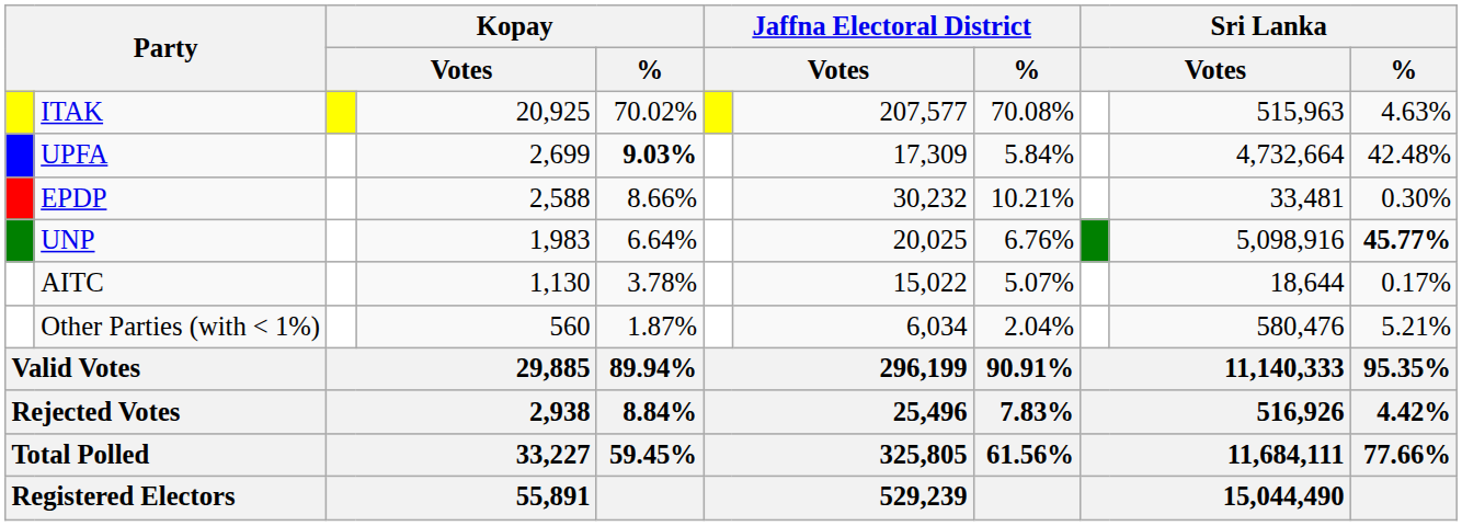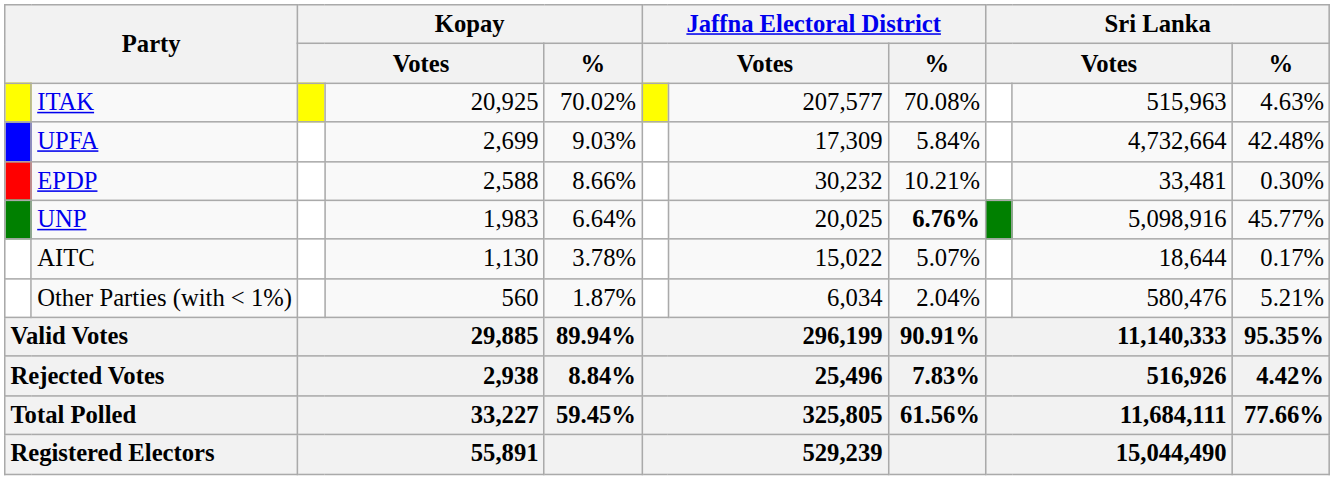 <table class="wikitable">
 <tr>
 <th colspan="2" width="144px"rowspan="2">Party</th>
 <th colspan="3" width="216px">Kopay</th>
 <th colspan="3" width="216px"><a href='#'>Jaffna Electoral District</a></th>
 <th colspan="3" width="216px">Sri Lanka</th>
 </tr>
 <tr>
 <th colspan="2" width="144px">Votes</th>
 <th>%</th>
 <th colspan="2" width="144px">Votes</th>
 <th>%</th>
 <th colspan="2" width="144px">Votes</th>
 <th>%</th>
 </tr>
 <tr>
 <td style="background-color:yellow;" width="10px"></td>
 <td style="text-align:left;"><a href='#'>ITAK</a></td>
 <td style="background-color:yellow;" width="10px"></td>
 <td style="text-align:right;">20,925</td>
 <td style="text-align:right;">70.02%</td>
 <td style="background-color:yellow;" width="10px"></td>
 <td style="text-align:right;">207,577</td>
 <td style="text-align:right;">70.08%</td>
 <td style="background-color:white;" width="10px"></td>
 <td style="text-align:right;">515,963</td>
 <td style="text-align:right;">4.63%</td>
 </tr>
 <tr>
 <td style="background-color:blue;" width="10px"></td>
 <td style="text-align:left;"><a href='#'>UPFA</a></td>
 <td style="background-color:white;" width="10px"></td>
 <td style="text-align:right;">2,699</td>
-<td style="text-align:right;"><strong>9.03%</strong></td>
+<td style="text-align:right;">9.03%</td>
 <td style="background-color:white;" width="10px"></td>
 <td style="text-align:right;">17,309</td>
 <td style="text-align:right;">5.84%</td>
 <td style="background-color:white;" width="10px"></td>
 <td style="text-align:right;">4,732,664</td>
 <td style="text-align:right;">42.48%</td>
 </tr>
 <tr>
 <td style="background-color:red;" width="10px"></td>
 <td style="text-align:left;"><a href='#'>EPDP</a></td>
 <td style="background-color:white;" width="10px"></td>
 <td style="text-align:right;">2,588</td>
 <td style="text-align:right;">8.66%</td>
 <td style="background-color:white;" width="10px"></td>
 <td style="text-align:right;">30,232</td>
 <td style="text-align:right;">10.21%</td>
 <td style="background-color:white;" width="10px"></td>
 <td style="text-align:right;">33,481</td>
 <td style="text-align:right;">0.30%</td>
 </tr>
 <tr>
 <td style="background-color:green;" width="10px"></td>
 <td style="text-align:left;"><a href='#'>UNP</a></td>
 <td style="background-color:white;" width="10px"></td>
 <td style="text-align:right;">1,983</td>
 <td style="text-align:right;">6.64%</td>
 <td style="background-color:white;" width="10px"></td>
 <td style="text-align:right;">20,025</td>
-<td style="text-align:right;">6.76%</td>
+<td style="text-align:right;"><strong>6.76%</strong></td>
 <td style="background-color:green;" width="10px"></td>
 <td style="text-align:right;">5,098,916</td>
-<td style="text-align:right;"><strong>45.77%</strong></td>
+<td style="text-align:right;">45.77%</td>
 </tr>
 <tr>
 <td style="background-color:white;" width="10px"></td>
 <td style="text-align:left;">AITC</td>
 <td style="background-color:white;" width="10px"></td>
 <td style="text-align:right;">1,130</td>
 <td style="text-align:right;">3.78%</td>
 <td style="background-color:white;" width="10px"></td>
 <td style="text-align:right;">15,022</td>
 <td style="text-align:right;">5.07%</td>
 <td style="background-color:white;" width="10px"></td>
 <td style="text-align:right;">18,644</td>
 <td style="text-align:right;">0.17%</td>
 </tr>
 <tr>
 <td style="background-color:white;" width="10px"></td>
 <td style="text-align:left;">Other Parties (with < 1%)</td>
 <td style="background-color:white;" width="10px"></td>
 <td style="text-align:right;">560</td>
 <td style="text-align:right;">1.87%</td>
 <td style="background-color:white;" width="10px"></td>
 <td style="text-align:right;">6,034</td>
 <td style="text-align:right;">2.04%</td>
 <td style="background-color:white;" width="10px"></td>
 <td style="text-align:right;">580,476</td>
 <td style="text-align:right;">5.21%</td>
 </tr>
 <tr>
 <th colspan="2" width="144px"style="text-align:left;">Valid Votes</th>
 <th style="text-align:right;"colspan="2" width="144px">29,885</th>
 <th style="text-align:right;">89.94%</th>
 <th style="text-align:right;"colspan="2" width="144px">296,199</th>
 <th style="text-align:right;">90.91%</th>
 <th style="text-align:right;"colspan="2" width="144px">11,140,333</th>
 <th style="text-align:right;">95.35%</th>
 </tr>
 <tr>
 <th colspan="2" width="144px"style="text-align:left;">Rejected Votes</th>
 <th style="text-align:right;"colspan="2" width="144px">2,938</th>
 <th style="text-align:right;">8.84%</th>
 <th style="text-align:right;"colspan="2" width="144px">25,496</th>
 <th style="text-align:right;">7.83%</th>
 <th style="text-align:right;"colspan="2" width="144px">516,926</th>
 <th style="text-align:right;">4.42%</th>
 </tr>
 <tr>
 <th colspan="2" width="144px"style="text-align:left;">Total Polled</th>
 <th style="text-align:right;"colspan="2" width="144px">33,227</th>
 <th style="text-align:right;">59.45%</th>
 <th style="text-align:right;"colspan="2" width="144px">325,805</th>
 <th style="text-align:right;">61.56%</th>
 <th style="text-align:right;"colspan="2" width="144px">11,684,111</th>
 <th style="text-align:right;">77.66%</th>
 </tr>
 <tr>
 <th colspan="2" width="144px"style="text-align:left;">Registered Electors</th>
 <th style="text-align:right;"colspan="2" width="144px">55,891</th>
 <th></th>
 <th style="text-align:right;"colspan="2" width="144px">529,239</th>
 <th></th>
 <th style="text-align:right;"colspan="2" width="144px">15,044,490</th>
 <th></th>
 </tr>
 </table>
